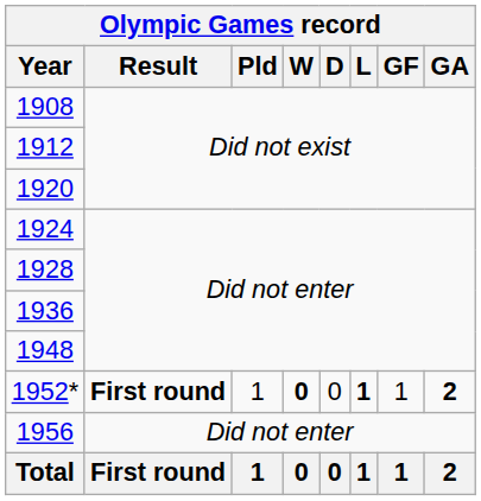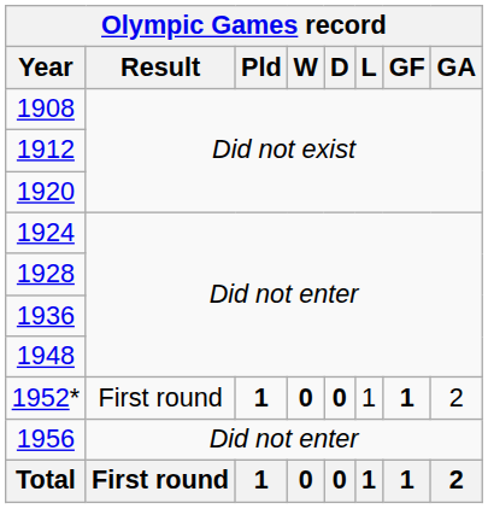 <table class="wikitable" style="text-align: center;">
 <tr>
 <th colspan=8><a href='#'>Olympic Games</a> record</th>
 </tr>
 <tr>
 <th>Year</th>
 <th>Result</th>
 <th>Pld</th>
 <th>W</th>
 <th>D</th>
 <th>L</th>
 <th>GF</th>
 <th>GA</th>
 </tr>
 <tr>
 <td> <a href='#'>1908</a></td>
 <td colspan=7 rowspan=3><em>Did not exist</em></td>
 </tr>
 <tr>
 <td> <a href='#'>1912</a></td>
 </tr>
 <tr>
 <td> <a href='#'>1920</a></td>
 </tr>
 <tr>
 <td> <a href='#'>1924</a></td>
 <td colspan=7 rowspan=4><em>Did not enter</em></td>
 </tr>
 <tr>
 <td> <a href='#'>1928</a></td>
 </tr>
 <tr>
 <td> <a href='#'>1936</a></td>
 </tr>
 <tr>
 <td> <a href='#'>1948</a></td>
 </tr>
 <tr>
 <td> <a href='#'>1952</a>*</td>
-<td><strong>First round</strong></td>
+<td>First round</td>
+<td><strong>1</strong></td>
+<td><strong>0</strong></td>
+<td><strong>0</strong></td>
 <td>1</td>
-<td><strong>0</strong></td>
-<td>0</td>
 <td><strong>1</strong></td>
-<td>1</td>
-<td><strong>2</strong></td>
+<td>2</td>
 </tr>
 <tr>
 <td> <a href='#'>1956</a></td>
 <td colspan=7><em>Did not enter</em></td>
 </tr>
 <tr>
 <th>Total</th>
 <th>First round</th>
 <th>1</th>
 <th>0</th>
 <th>0</th>
 <th>1</th>
 <th>1</th>
 <th>2</th>
 </tr>
 </table>
